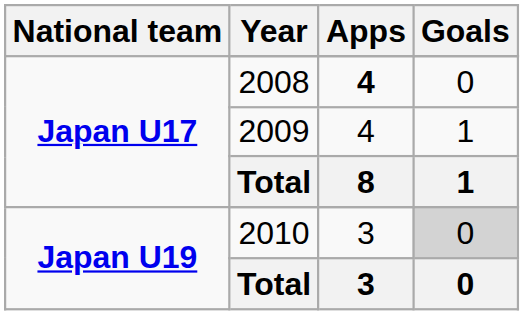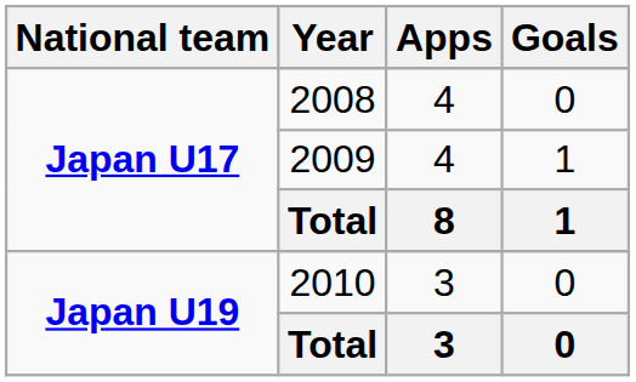 <table class="wikitable" style="font-size:90%; text-align: center">
 <tr>
 <th>National team</th>
 <th>Year</th>
 <th>Apps</th>
 <th>Goals</th>
 </tr>
 <tr>
 <td rowspan="4"><strong><a href='#'>Japan U17</a></strong></td>
 </tr>
 <tr>
 <td>2008</td>
-<td><strong>4</strong></td>
+<td>4</td>
 <td>0</td>
 </tr>
 <tr>
 <td>2009</td>
 <td>4</td>
 <td>1</td>
 </tr>
 <tr>
 <th colspan=1>Total</th>
 <th>8</th>
 <th>1</th>
 </tr>
 <tr>
 <td rowspan="3"><strong><a href='#'>Japan U19</a></strong></td>
 </tr>
 <tr>
 <td>2010</td>
 <td>3</td>
-<td style="background: lightgrey;">0</td>
+<td>0</td>
 </tr>
 <tr>
 <th colspan=1>Total</th>
 <th>3</th>
 <th>0</th>
 </tr>
 </table>
